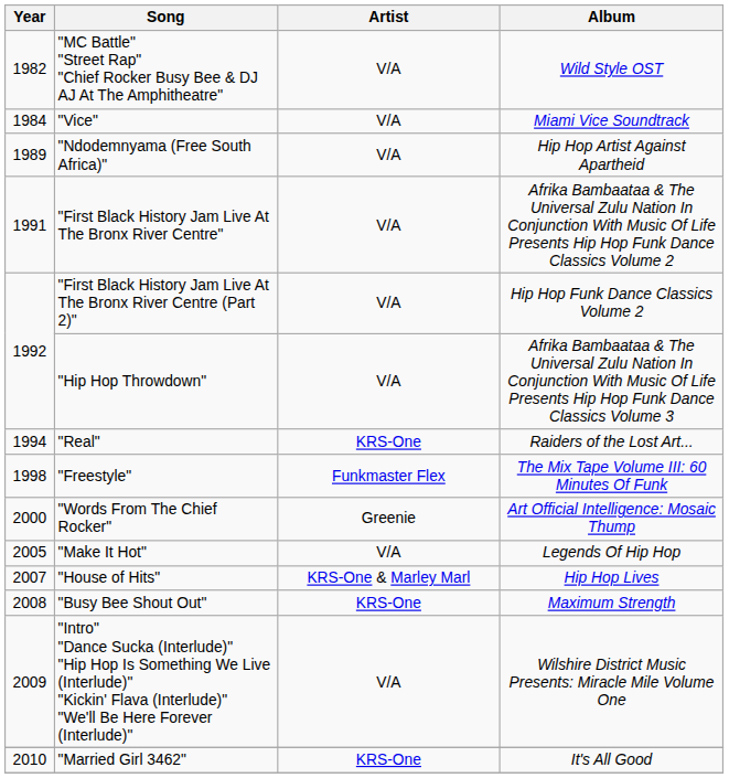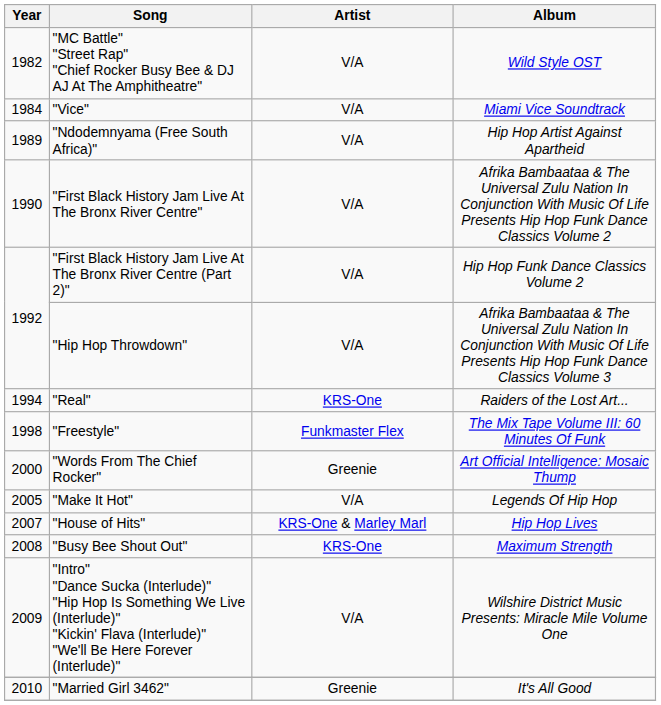 <table class="wikitable" style="font-size: 9pt">
 <tr>
 <th width="33">Year</th>
 <th width="170">Song</th>
 <th width="170">Artist</th>
 <th width="170">Album</th>
 </tr>
 <tr>
 <td align="center">1982</td>
 <td>"MC Battle" <br> "Street Rap" <br> "Chief Rocker Busy Bee & DJ AJ At The Amphitheatre"</td>
 <td align="center">V/A</td>
 <td align="center"><em><a href='#'>Wild Style OST</a></em></td>
 </tr>
 <tr>
 <td align="center">1984</td>
 <td>"Vice"</td>
 <td align="center">V/A</td>
 <td align="center"><em><a href='#'>Miami Vice Soundtrack</a></em></td>
 </tr>
 <tr>
 <td align="center">1989</td>
 <td>"Ndodemnyama (Free South Africa)"</td>
 <td align="center">V/A</td>
 <td align="center"><em>Hip Hop Artist Against Apartheid</em></td>
 </tr>
 <tr>
-<td align="center">1991</td>
+<td align="center">1990</td>
 <td>"First Black History Jam Live At The Bronx River Centre"</td>
 <td align="center">V/A</td>
 <td align="center"><em>Afrika Bambaataa & The Universal Zulu Nation In Conjunction With Music Of Life Presents Hip Hop Funk Dance Classics Volume 2</em></td>
 </tr>
 <tr>
 <td rowspan="2" align="center">1992</td>
 <td>"First Black History Jam Live At The Bronx River Centre (Part 2)"</td>
 <td align="center">V/A</td>
 <td align="center"><em>Hip Hop Funk Dance Classics Volume 2</em></td>
 </tr>
 <tr>
 <td>"Hip Hop Throwdown"</td>
 <td align="center">V/A</td>
 <td align="center"><em>Afrika Bambaataa & The Universal Zulu Nation In Conjunction With Music Of Life Presents Hip Hop Funk Dance Classics Volume 3</em></td>
 </tr>
 <tr>
 <td align="center">1994</td>
 <td>"Real"</td>
 <td align="center"><a href='#'>KRS-One</a></td>
 <td align="center"><em>Raiders of the Lost Art...</em></td>
 </tr>
 <tr>
 <td align="center">1998</td>
 <td>"Freestyle"</td>
 <td align="center"><a href='#'>Funkmaster Flex</a></td>
 <td align="center"><em><a href='#'>The Mix Tape Volume III: 60 Minutes Of Funk</a></em></td>
 </tr>
 <tr>
 <td align="center">2000</td>
 <td>"Words From The Chief Rocker"</td>
 <td align="center">Greenie</td>
 <td align="center"><em><a href='#'>Art Official Intelligence: Mosaic Thump</a></em></td>
 </tr>
 <tr>
 <td align="center">2005</td>
 <td>"Make It Hot"</td>
 <td align="center">V/A</td>
 <td align="center"><em>Legends Of Hip Hop</em></td>
 </tr>
 <tr>
 <td align="center">2007</td>
 <td>"House of Hits"</td>
 <td align="center"><a href='#'>KRS-One</a> & <a href='#'>Marley Marl</a></td>
 <td align="center"><em><a href='#'>Hip Hop Lives</a></em></td>
 </tr>
 <tr>
 <td align="center">2008</td>
 <td>"Busy Bee Shout Out"</td>
 <td align="center"><a href='#'>KRS-One</a></td>
 <td align="center"><em><a href='#'>Maximum Strength</a></em></td>
 </tr>
 <tr>
 <td align="center">2009</td>
 <td>"Intro" <br> "Dance Sucka (Interlude)" <br> "Hip Hop Is Something We Live (Interlude)" <br> "Kickin' Flava (Interlude)" <br> "We'll Be Here Forever (Interlude)"</td>
 <td align="center">V/A</td>
 <td align="center"><em>Wilshire District Music Presents: Miracle Mile Volume One</em></td>
 </tr>
 <tr>
 </tr>
 <tr>
 <td align="center">2010</td>
 <td>"Married Girl 3462"</td>
-<td align="center"><a href='#'>KRS-One</a></td>
+<td align="center">Greenie</td>
 <td align="center"><em>It's All Good</em></td>
 </tr>
 <tr>
 </tr>
 </table>
